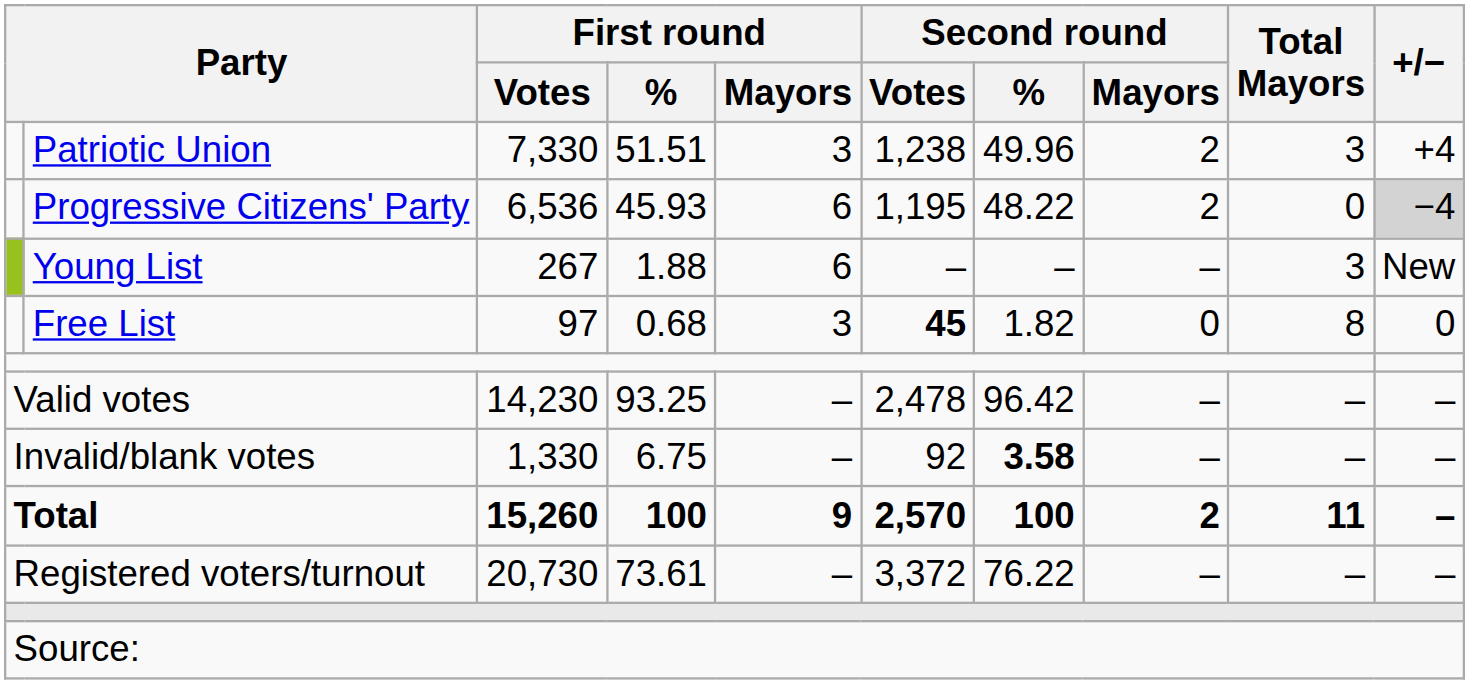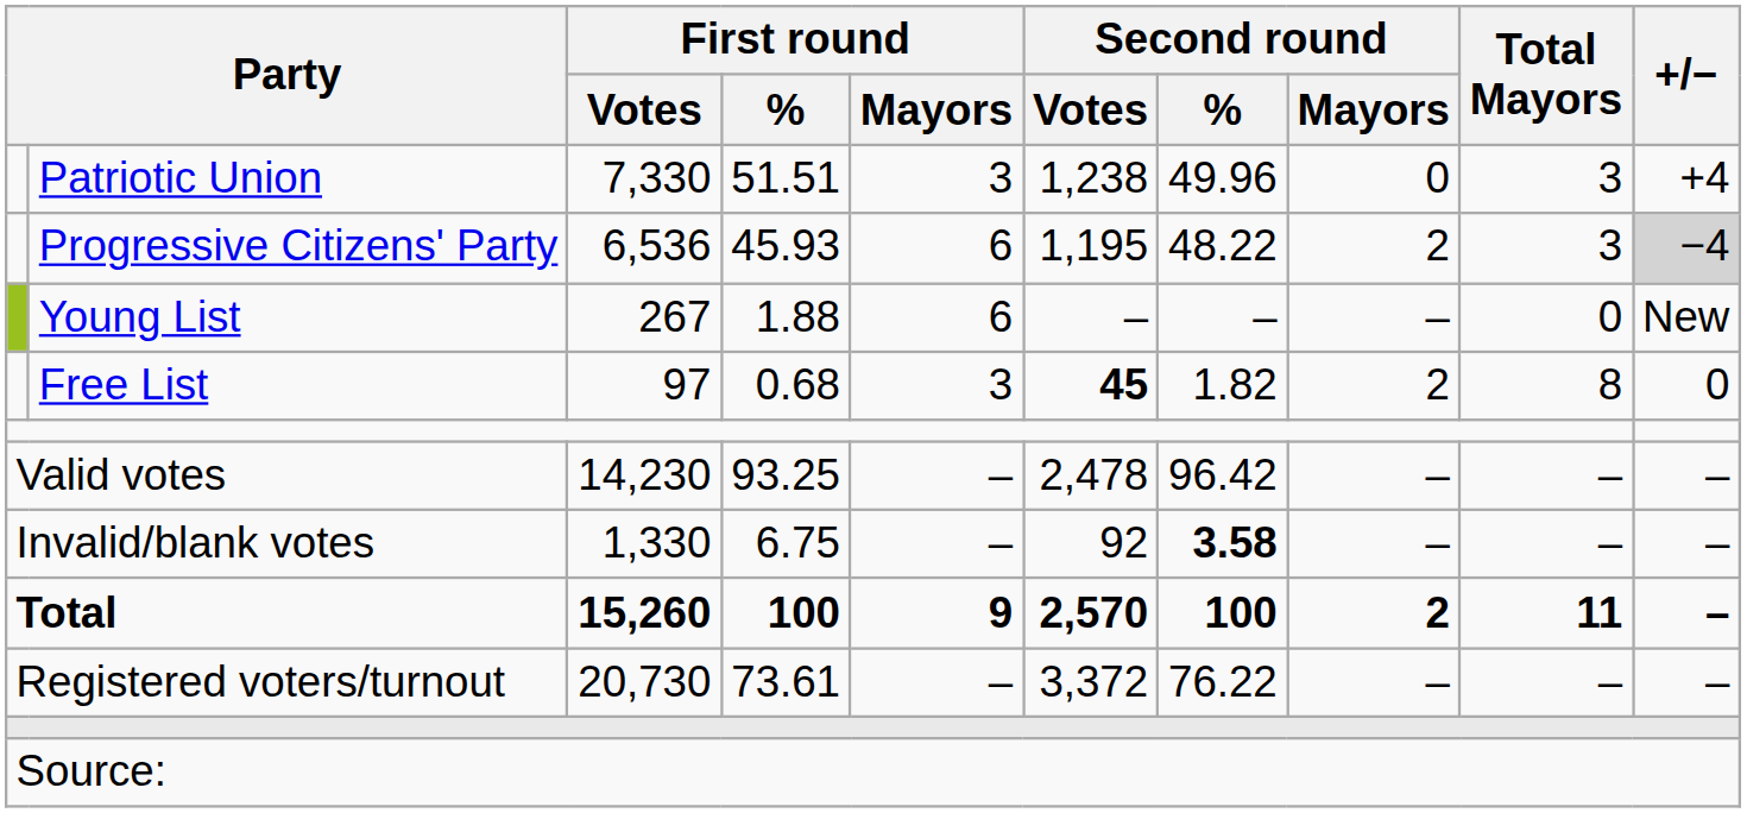 <table class="wikitable" style="text-align:right">
 <tr>
 <th colspan="2" rowspan="2">Party</th>
 <th colspan="3">First round</th>
 <th colspan="3">Second round</th>
 <th rowspan="2">Total<br>Mayors</th>
 <th rowspan="2">+/−</th>
 </tr>
 <tr>
 <th>Votes</th>
 <th>%</th>
 <th>Mayors</th>
 <th>Votes</th>
 <th>%</th>
 <th>Mayors</th>
 </tr>
 <tr>
 <td width="1" style="color:inherit;background:"></td>
 <td style="text-align:left"><a href='#'>Patriotic Union</a></td>
 <td>7,330</td>
 <td>51.51</td>
 <td>3</td>
 <td>1,238</td>
 <td>49.96</td>
-<td>2</td>
+<td>0</td>
 <td>3</td>
 <td>+4</td>
 </tr>
 <tr>
 <td width="1" style="color:inherit;background:"></td>
 <td style="text-align:left"><a href='#'>Progressive Citizens' Party</a></td>
 <td>6,536</td>
 <td>45.93</td>
 <td>6</td>
 <td>1,195</td>
 <td>48.22</td>
 <td>2</td>
-<td>0</td>
+<td>3</td>
 <td style="background: lightgrey;">−4</td>
 </tr>
 <tr>
 <td style="color:inherit;background:#98c01f"></td>
 <td style="text-align:left"><a href='#'>Young List</a></td>
 <td>267</td>
 <td>1.88</td>
 <td>6</td>
 <td>–</td>
 <td>–</td>
 <td>–</td>
-<td>3</td>
+<td>0</td>
 <td>New</td>
 </tr>
 <tr>
 <td style="color:inherit;background:"></td>
 <td style="text-align:left"><a href='#'>Free List</a></td>
 <td>97</td>
 <td>0.68</td>
 <td>3</td>
 <td><strong>45</strong></td>
 <td>1.82</td>
-<td>0</td>
+<td>2</td>
 <td>8</td>
 <td>0</td>
 </tr>
 <tr>
 <td colspan=9></td>
 </tr>
 <tr>
 <td colspan="2" style="text-align:left">Valid votes</td>
 <td>14,230</td>
 <td>93.25</td>
 <td>–</td>
 <td>2,478</td>
 <td>96.42</td>
 <td>–</td>
 <td>–</td>
 <td>–</td>
 </tr>
 <tr>
 <td colspan="2" style="text-align:left">Invalid/blank votes</td>
 <td>1,330</td>
 <td>6.75</td>
 <td>–</td>
 <td>92</td>
 <td><strong>3.58</strong></td>
 <td>–</td>
 <td>–</td>
 <td>–</td>
 </tr>
 <tr>
 <td colspan="2" style="text-align:left"><strong>Total</strong></td>
 <td><strong>15,260</strong></td>
 <td><strong>100</strong></td>
 <td><strong>9</strong></td>
 <td><strong>2,570</strong></td>
 <td><strong>100</strong></td>
 <td><strong>2</strong></td>
 <td><strong>11</strong></td>
 <td><strong>–</strong></td>
 </tr>
 <tr>
 <td colspan="2" style="text-align:left">Registered voters/turnout</td>
 <td>20,730</td>
 <td>73.61</td>
 <td>–</td>
 <td>3,372</td>
 <td>76.22</td>
 <td>–</td>
 <td>–</td>
 <td>–</td>
 </tr>
 <tr>
 <td colspan="10" style="color:inherit;background:#E9E9E9"></td>
 </tr>
 <tr>
 <td colspan="10" style="text-align:left">Source: </td>
 </tr>
 </table>
